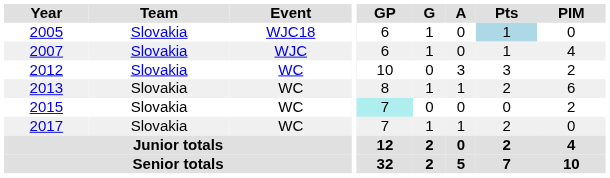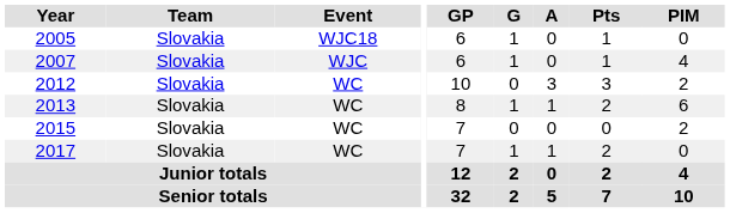 <table border="0" cellpadding="1" cellspacing="0" ID="Table3" style="text-align:center; width:40em">
 <tr bgcolor="#e0e0e0">
 <th>Year</th>
 <th>Team</th>
 <th>Event</th>
 <th rowspan="102" bgcolor="#ffffff"></th>
 <th>GP</th>
 <th>G</th>
 <th>A</th>
 <th>Pts</th>
 <th>PIM</th>
 </tr>
 <tr>
 <td><a href='#'>2005</a></td>
 <td><a href='#'>Slovakia</a></td>
 <td><a href='#'>WJC18</a></td>
 <td>6</td>
 <td>1</td>
 <td>0</td>
-<td style="background: lightblue;">1</td>
+<td>1</td>
 <td>0</td>
 </tr>
 <tr bgcolor="#f0f0f0">
 <td><a href='#'>2007</a></td>
 <td><a href='#'>Slovakia</a></td>
 <td><a href='#'>WJC</a></td>
 <td>6</td>
 <td>1</td>
 <td>0</td>
 <td>1</td>
 <td>4</td>
 </tr>
 <tr>
 <td><a href='#'>2012</a></td>
 <td><a href='#'>Slovakia</a></td>
 <td><a href='#'>WC</a></td>
 <td>10</td>
 <td>0</td>
 <td>3</td>
 <td>3</td>
 <td>2</td>
 </tr>
 <tr bgcolor="#f0f0f0">
 <td><a href='#'>2013</a></td>
 <td>Slovakia</td>
 <td>WC</td>
 <td>8</td>
 <td>1</td>
 <td>1</td>
 <td>2</td>
 <td>6</td>
 </tr>
 <tr>
 <td><a href='#'>2015</a></td>
 <td>Slovakia</td>
 <td>WC</td>
-<td style="background: paleturquoise;">7</td>
+<td>7</td>
 <td>0</td>
 <td>0</td>
 <td>0</td>
 <td>2</td>
 </tr>
 <tr bgcolor="#f0f0f0">
 <td><a href='#'>2017</a></td>
 <td>Slovakia</td>
 <td>WC</td>
 <td>7</td>
 <td>1</td>
 <td>1</td>
 <td>2</td>
 <td>0</td>
 </tr>
 <tr bgcolor="#e0e0e0">
 <th colspan="3">Junior totals</th>
 <th>12</th>
 <th>2</th>
 <th>0</th>
 <th>2</th>
 <th>4</th>
 </tr>
 <tr bgcolor="#e0e0e0">
 <th colspan="3">Senior totals</th>
 <th>32</th>
 <th>2</th>
 <th>5</th>
 <th>7</th>
 <th>10</th>
 </tr>
 </table>
